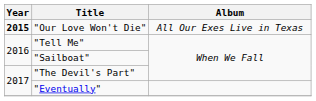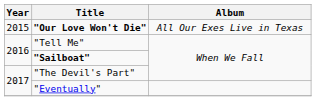 <table class="wikitable" style="text-align:center;">
 <tr>
 <th scope="col">Year</th>
 <th scope="col">Title</th>
 <th scope="col" width="220">Album</th>
 </tr>
 <tr>
-<td><strong>2015</strong></td>
-<td align="left">"Our Love Won't Die"</td>
+<td>2015</td>
+<td align="left"><strong>"Our Love Won't Die"</strong></td>
 <td><em>All Our Exes Live in Texas</em></td>
 </tr>
 <tr>
 <td rowspan="2">2016</td>
 <td align="left">"Tell Me"</td>
 <td rowspan="3"><em>When We Fall</em></td>
 </tr>
 <tr>
-<td align="left">"Sailboat"</td>
+<td align="left"><strong>"Sailboat"</strong></td>
 </tr>
 <tr>
 <td rowspan="2">2017</td>
 <td align="left">"The Devil's Part"</td>
 </tr>
 <tr>
 <td align="left">"<a href='#'>Eventually</a>"</td>
 <td></td>
 </tr>
 <tr>
 </tr>
 </table>
